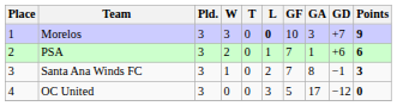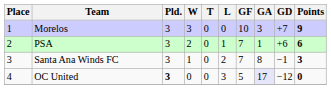 <table class="wikitable">
 <tr>
 <th>Place</th>
 <th width="200">Team</th>
 <th width="20">Pld.</th>
 <th width="20">W</th>
 <th width="20">T</th>
 <th width="20">L</th>
 <th width="20">GF</th>
 <th width="20">GA</th>
 <th width="25">GD</th>
 <th>Points</th>
 </tr>
 <tr bgcolor="#ccccff">
 <td>1</td>
 <td>Morelos</td>
 <td>3</td>
 <td>3</td>
 <td>0</td>
-<td><strong>0</strong></td>
+<td>0</td>
 <td>10</td>
 <td>3</td>
 <td>+7</td>
 <td><strong>9</strong></td>
 </tr>
 <tr bgcolor="#ccffcc">
 <td>2</td>
 <td>PSA</td>
 <td>3</td>
 <td>2</td>
 <td>0</td>
 <td>1</td>
 <td>7</td>
 <td>1</td>
 <td>+6</td>
 <td><strong>6</strong></td>
 </tr>
 <tr>
 <td>3</td>
 <td>Santa Ana Winds FC</td>
 <td>3</td>
 <td>1</td>
 <td>0</td>
 <td>2</td>
 <td>7</td>
 <td>8</td>
 <td>−1</td>
 <td><strong>3</strong></td>
 </tr>
 <tr>
 <td>4</td>
 <td>OC United</td>
-<td>3</td>
+<td><strong>3</strong></td>
 <td>0</td>
 <td>0</td>
 <td>3</td>
 <td>5</td>
-<td>17</td>
+<td style="background: lavender;">17</td>
 <td>−12</td>
 <td><strong>0</strong></td>
 </tr>
 <tr>
 </tr>
 </table>
